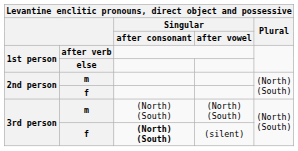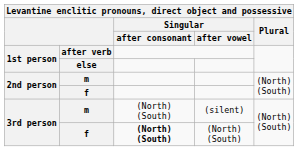 <table class="wikitable" style="text-align:center;">
 <tr>
 <th style="text-align:center;" colspan="5">Levantine enclitic pronouns, direct object and possessive</th>
 </tr>
 <tr>
 <th colspan="2" rowspan=2></th>
 <th colspan="2">Singular</th>
 <th rowspan="2">Plural</th>
 </tr>
 <tr>
 <th>after consonant</th>
 <th>after vowel</th>
 </tr>
 <tr>
 <th rowspan="2">1st person</th>
 <th>after verb</th>
 <td colspan="2"> </td>
 <td rowspan="2"> </td>
 </tr>
 <tr>
 <th>else</th>
 <td> </td>
 <td> </td>
 </tr>
 <tr>
 <th rowspan="2">2nd person</th>
 <th>m</th>
 <td> </td>
 <td> </td>
 <td rowspan="2">  (North)<br>    (South)</td>
 </tr>
 <tr>
 <th>f</th>
 <td> </td>
 <td> </td>
 </tr>
 <tr>
 <th rowspan="2">3rd person</th>
 <th>m</th>
 <td>  (North)<br>  (South)</td>
-<td>  (North)<br>  (South)</td>
+<td> (silent)</td>
 <td rowspan="2">  (North)<br>  (South)</td>
 </tr>
 <tr>
 <th>f</th>
 <td><strong>  (North)<br>  (South)</strong></td>
-<td> (silent)</td>
+<td>  (North)<br>  (South)</td>
 </tr>
 </table>
